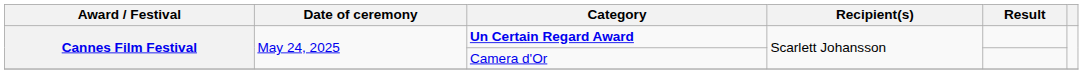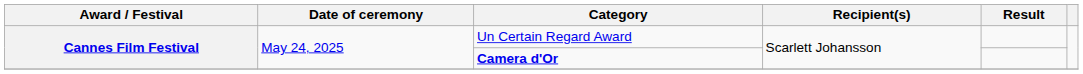 <table class="wikitable sortable plainrowheaders" style="width: 100%;">
 <tr>
 <th scope="col">Award / Festival</th>
 <th scope="col">Date of ceremony</th>
 <th scope="col">Category</th>
 <th scope="col">Recipient(s)</th>
 <th scope="col">Result</th>
 <th scope="col" class="unsortable"></th>
 </tr>
 <tr>
 <th rowspan="2" scope="row"><a href='#'>Cannes Film Festival</a></th>
 <td rowspan="2"><a href='#'>May 24, 2025</a></td>
-<td><strong><a href='#'>Un Certain Regard Award</a></strong></td>
+<td><a href='#'>Un Certain Regard Award</a></td>
 <td rowspan="2">Scarlett Johansson</td>
 <td></td>
 <td align="center" rowspan="2"></td>
 </tr>
 <tr>
-<td><a href='#'>Camera d'Or</a></td>
+<td><strong><a href='#'>Camera d'Or</a></strong></td>
 <td></td>
 </tr>
 <tr>
 </tr>
 </table>
